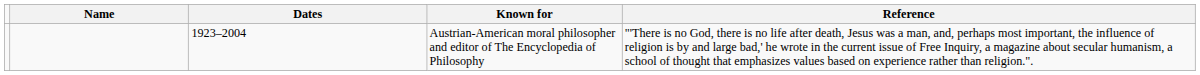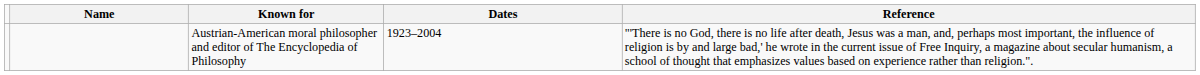 <table class="wikitable sortable">
 <tr style="vertical-align:top; text-align:left;">
 <td></td>
 <th style="width:15%;">Name</th>
+<th>Known for</th>
 <th class="unsortable"! style="width:20%;">Dates</th>
-<th>Known for</th>
 <th class="unsortable">Reference</th>
 </tr>
 <tr valign="top">
 <td></td>
 <td></td>
+<td>Austrian-American moral philosopher and editor of The Encyclopedia of Philosophy</td>
 <td>1923–2004</td>
-<td>Austrian-American moral philosopher and editor of The Encyclopedia of Philosophy</td>
 <td>"'There is no God, there is no life after death, Jesus was a man, and, perhaps most important, the influence of religion is by and large bad,' he wrote in the current issue of Free Inquiry, a magazine about secular humanism, a school of thought that emphasizes values based on experience rather than religion.".</td>
 </tr>
 </table>
